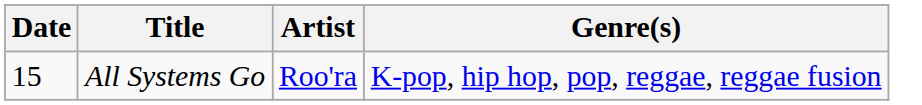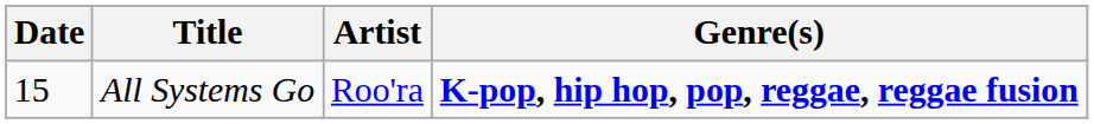 <table class="wikitable" style="text-align: left;">
 <tr>
 <th>Date</th>
 <th>Title</th>
 <th>Artist</th>
 <th>Genre(s)</th>
 </tr>
 <tr>
 <td>15</td>
 <td><em>All Systems Go</em></td>
 <td><a href='#'>Roo'ra</a></td>
-<td><a href='#'>K-pop</a>, <a href='#'>hip hop</a>, <a href='#'>pop</a>, <a href='#'>reggae</a>, <a href='#'>reggae fusion</a></td>
+<td><strong><a href='#'>K-pop</a>, <a href='#'>hip hop</a>, <a href='#'>pop</a>, <a href='#'>reggae</a>, <a href='#'>reggae fusion</a></strong></td>
 </tr>
 </table>
